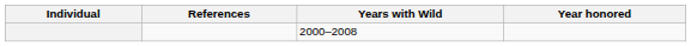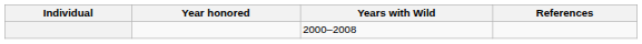 <table class="wikitable sortable" width="75%">
 <tr>
 <th scope="col">Individual</th>
+<th scope="col">Year honored</th>
+<th scope="col">Years with Wild</th>
 <th scope="col" class="unsortable">References</th>
-<th scope="col">Years with Wild</th>
-<th scope="col">Year honored</th>
 </tr>
 <tr>
 <th scope="row"></th>
 <td></td>
 <td>2000–2008</td>
 <td></td>
 </tr>
 </table>
